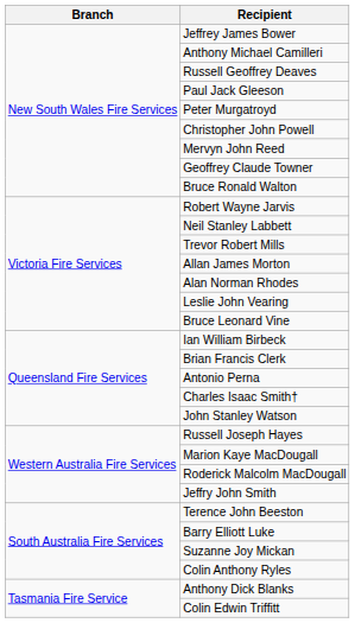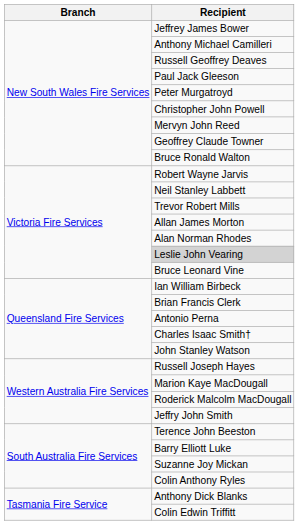 <table class="wikitable" style="font-size:95%;">
 <tr>
 <th>Branch</th>
 <th>Recipient</th>
 </tr>
 <tr>
 <td rowspan="9"><a href='#'>New South Wales Fire Services</a></td>
 <td>Jeffrey James Bower</td>
 </tr>
 <tr>
 <td>Anthony Michael Camilleri</td>
 </tr>
 <tr>
 <td>Russell Geoffrey Deaves</td>
 </tr>
 <tr>
 <td>Paul Jack Gleeson</td>
 </tr>
 <tr>
 <td>Peter Murgatroyd</td>
 </tr>
 <tr>
 <td>Christopher John Powell</td>
 </tr>
 <tr>
 <td>Mervyn John Reed</td>
 </tr>
 <tr>
 <td>Geoffrey Claude Towner</td>
 </tr>
 <tr>
 <td>Bruce Ronald Walton</td>
 </tr>
 <tr>
 <td rowspan="7"><a href='#'>Victoria Fire Services</a></td>
 <td>Robert Wayne Jarvis</td>
 </tr>
 <tr>
 <td>Neil Stanley Labbett</td>
 </tr>
 <tr>
 <td>Trevor Robert Mills</td>
 </tr>
 <tr>
 <td>Allan James Morton</td>
 </tr>
 <tr>
 <td>Alan Norman Rhodes</td>
 </tr>
 <tr>
-<td>Leslie John Vearing</td>
+<td style="background: lightgrey;">Leslie John Vearing</td>
 </tr>
 <tr>
 <td>Bruce Leonard Vine</td>
 </tr>
 <tr>
 <td rowspan="5"><a href='#'>Queensland Fire Services</a></td>
 <td>Ian William Birbeck</td>
 </tr>
 <tr>
 <td>Brian Francis Clerk</td>
 </tr>
 <tr>
 <td>Antonio Perna</td>
 </tr>
 <tr>
 <td>Charles Isaac Smith†</td>
 </tr>
 <tr>
 <td>John Stanley Watson</td>
 </tr>
 <tr>
 <td rowspan="4"><a href='#'>Western Australia Fire Services</a></td>
 <td>Russell Joseph Hayes</td>
 </tr>
 <tr>
 <td>Marion Kaye MacDougall</td>
 </tr>
 <tr>
 <td>Roderick Malcolm MacDougall</td>
 </tr>
 <tr>
 <td>Jeffry John Smith</td>
 </tr>
 <tr>
 <td rowspan="4"><a href='#'>South Australia Fire Services</a></td>
 <td>Terence John Beeston</td>
 </tr>
 <tr>
 <td>Barry Elliott Luke</td>
 </tr>
 <tr>
 <td>Suzanne Joy Mickan</td>
 </tr>
 <tr>
 <td>Colin Anthony Ryles</td>
 </tr>
 <tr>
 <td rowspan="2"><a href='#'>Tasmania Fire Service</a></td>
 <td>Anthony Dick Blanks</td>
 </tr>
 <tr>
 <td>Colin Edwin Triffitt</td>
 </tr>
 </table>
